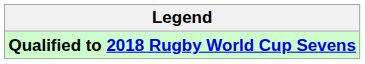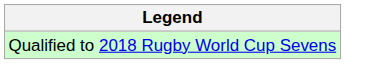 <table class="wikitable">
 <tr>
 <th>Legend</th>
 </tr>
 <tr bgcolor=ccffcc>
-<td><strong>Qualified to <a href='#'>2018 Rugby World Cup Sevens</a></strong></td>
+<td>Qualified to <a href='#'>2018 Rugby World Cup Sevens</a></td>
 </tr>
 </table>
